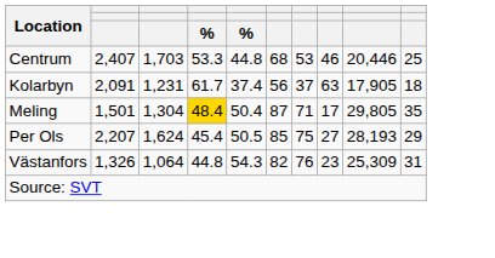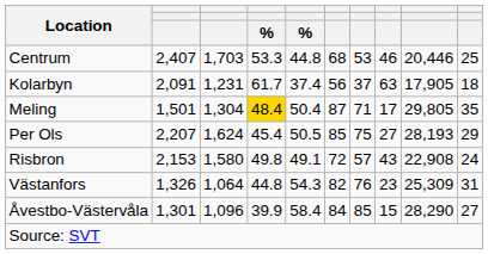 <table role="presentation" class="wikitable sortable mw-collapsible">
 <tr>
 <th rowspan="3">Location</th>
 <th></th>
 <th></th>
 <th></th>
 <th></th>
 <th></th>
 <th></th>
 <th></th>
 <th></th>
 <th></th>
 </tr>
 <tr>
 <th></th>
 <th></th>
 <th style="background:"></th>
 <th style="background:"></th>
 <th></th>
 <th></th>
 <th></th>
 <th></th>
 <th></th>
 </tr>
 <tr>
 <th data-sort-type="number"></th>
 <th data-sort-type="number"></th>
 <th data-sort-type="number">%</th>
 <th data-sort-type="number">%</th>
 <th data-sort-type="number"></th>
 <th data-sort-type="number"></th>
 <th data-sort-type="number"></th>
 <th data-sort-type="number"></th>
 <th data-sort-type="number"></th>
 </tr>
 <tr>
 <td align="left">Centrum</td>
 <td>2,407</td>
 <td>1,703</td>
 <td>53.3</td>
 <td>44.8</td>
 <td>68</td>
 <td>53</td>
 <td>46</td>
 <td>20,446</td>
 <td>25</td>
 </tr>
 <tr>
 <td align="left">Kolarbyn</td>
 <td>2,091</td>
 <td>1,231</td>
 <td>61.7</td>
 <td>37.4</td>
 <td>56</td>
 <td>37</td>
 <td>63</td>
 <td>17,905</td>
 <td>18</td>
 </tr>
 <tr>
 <td align="left">Meling</td>
 <td>1,501</td>
 <td>1,304</td>
 <td style="background: gold;">48.4</td>
 <td>50.4</td>
 <td>87</td>
 <td>71</td>
 <td>17</td>
 <td>29,805</td>
 <td>35</td>
 </tr>
 <tr>
 <td align="left">Per Ols</td>
 <td>2,207</td>
 <td>1,624</td>
 <td>45.4</td>
 <td>50.5</td>
 <td>85</td>
 <td>75</td>
 <td>27</td>
 <td>28,193</td>
 <td>29</td>
 </tr>
 <tr>
+<td align="left">Risbron</td>
+<td>2,153</td>
+<td>1,580</td>
+<td>49.8</td>
+<td>49.1</td>
+<td>72</td>
+<td>57</td>
+<td>43</td>
+<td>22,908</td>
+<td>24</td>
+</tr>
+<tr>
 <td align="left">Västanfors</td>
 <td>1,326</td>
 <td>1,064</td>
 <td>44.8</td>
 <td>54.3</td>
 <td>82</td>
 <td>76</td>
 <td>23</td>
 <td>25,309</td>
 <td>31</td>
 </tr>
 <tr>
+<td align="left">Åvestbo-Västervåla</td>
+<td>1,301</td>
+<td>1,096</td>
+<td>39.9</td>
+<td>58.4</td>
+<td>84</td>
+<td>85</td>
+<td>15</td>
+<td>28,290</td>
+<td>27</td>
+</tr>
+<tr>
 <td colspan="10" align="left">Source: <a href='#'>SVT</a></td>
 </tr>
 </table>
